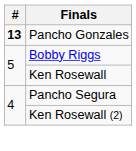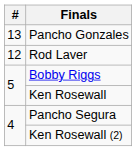 <table class=wikitable style="display:inline-table;">
 <tr>
 <th width=20>#</th>
 <th>Finals</th>
 </tr>
 <tr>
-<td><strong>13</strong></td>
+<td>13</td>
 <td> Pancho Gonzales</td>
+</tr>
+<tr>
+<td>12</td>
+<td> Rod Laver</td>
 </tr>
 <tr>
 <td rowspan="2">5</td>
 <td> <a href='#'>Bobby Riggs</a></td>
 </tr>
 <tr>
 <td> Ken Rosewall</td>
 </tr>
 <tr>
 <td rowspan="2">4</td>
 <td> Pancho Segura</td>
 </tr>
 <tr>
 <td> Ken Rosewall <small>(2)</small></td>
 </tr>
 </table>
